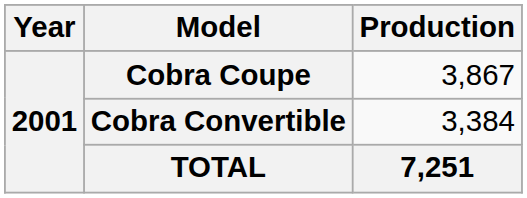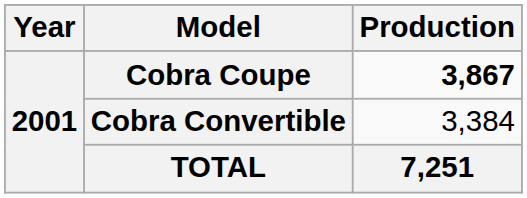 <table class=wikitable>
 <tr>
 <th>Year</th>
 <th>Model</th>
 <th>Production</th>
 </tr>
 <tr>
 <th rowspan=3>2001</th>
 <th align=right>Cobra Coupe</th>
-<td align=right>3,867</td>
+<td align=right><strong>3,867</strong></td>
 </tr>
 <tr>
 <th align=right>Cobra Convertible</th>
 <td align=right>3,384</td>
 </tr>
 <tr>
 <th align=right>TOTAL</th>
 <th align=right>7,251</th>
 </tr>
 </table>
